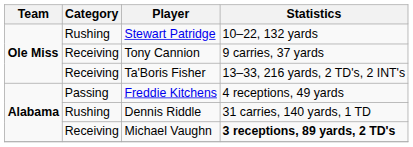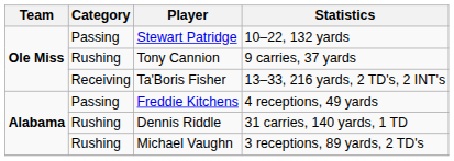 <table class="wikitable" style="float: right;">
 <tr>
 <th>Team</th>
 <th>Category</th>
 <th>Player</th>
 <th>Statistics</th>
 </tr>
 <tr>
 <td rowspan=3><strong>Ole Miss</strong></td>
-<td>Rushing</td>
+<td>Passing</td>
 <td><a href='#'>Stewart Patridge</a></td>
 <td>10–22, 132 yards</td>
 </tr>
 <tr>
-<td>Receiving</td>
+<td>Rushing</td>
 <td>Tony Cannion</td>
 <td>9 carries, 37 yards</td>
 </tr>
 <tr>
 <td>Receiving</td>
 <td>Ta'Boris Fisher</td>
 <td>13–33, 216 yards, 2 TD's, 2 INT's</td>
 </tr>
 <tr>
 <td rowspan=3><strong>Alabama</strong></td>
 <td>Passing</td>
 <td><a href='#'>Freddie Kitchens</a></td>
 <td>4 receptions, 49 yards</td>
 </tr>
 <tr>
 <td>Rushing</td>
 <td>Dennis Riddle</td>
 <td>31 carries, 140 yards, 1 TD</td>
 </tr>
 <tr>
-<td>Receiving</td>
+<td>Rushing</td>
 <td>Michael Vaughn</td>
-<td><strong>3 receptions, 89 yards, 2 TD's</strong></td>
+<td>3 receptions, 89 yards, 2 TD's</td>
 </tr>
 <tr>
 </tr>
 </table>
